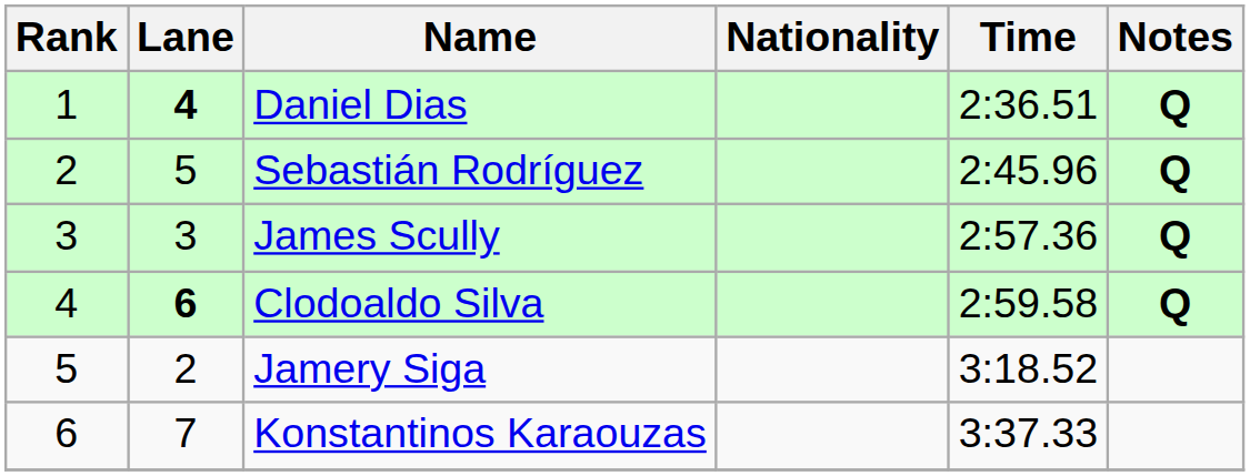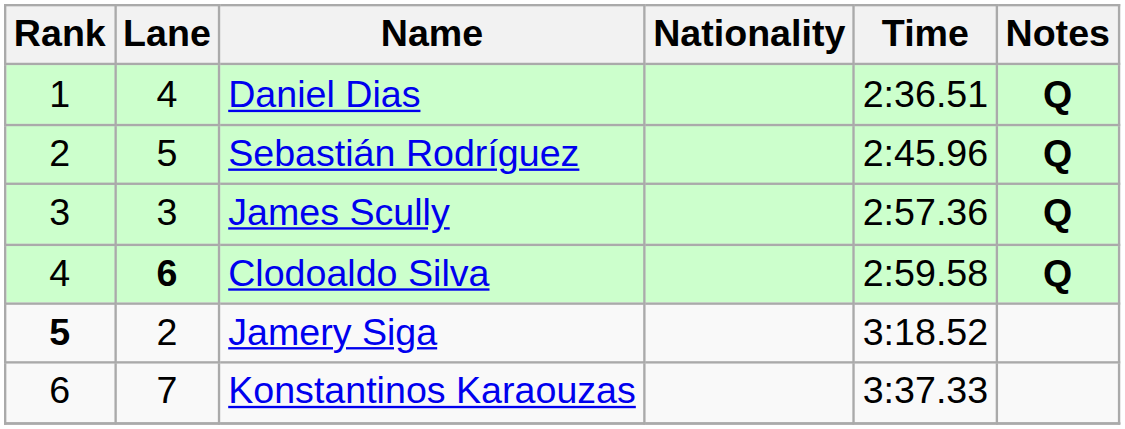 <table class="wikitable">
 <tr>
 <th>Rank</th>
 <th>Lane</th>
 <th>Name</th>
 <th>Nationality</th>
 <th>Time</th>
 <th>Notes</th>
 </tr>
 <tr bgcolor=ccffcc>
 <td align=center>1</td>
-<td align=center><strong>4</strong></td>
+<td align=center>4</td>
 <td><a href='#'>Daniel Dias</a></td>
 <td></td>
 <td align=center>2:36.51</td>
 <td align=center><strong>Q</strong></td>
 </tr>
 <tr bgcolor=ccffcc>
 <td align=center>2</td>
 <td align=center>5</td>
 <td><a href='#'>Sebastián Rodríguez</a></td>
 <td></td>
 <td align=center>2:45.96</td>
 <td align=center><strong>Q</strong></td>
 </tr>
 <tr bgcolor=ccffcc>
 <td align=center>3</td>
 <td align=center>3</td>
 <td><a href='#'>James Scully</a></td>
 <td></td>
 <td align=center>2:57.36</td>
 <td align=center><strong>Q</strong></td>
 </tr>
 <tr bgcolor=ccffcc>
 <td align=center>4</td>
 <td align=center><strong>6</strong></td>
 <td><a href='#'>Clodoaldo Silva</a></td>
 <td></td>
 <td align=center>2:59.58</td>
 <td align=center><strong>Q</strong></td>
 </tr>
 <tr>
-<td align=center>5</td>
+<td align=center><strong>5</strong></td>
 <td align=center>2</td>
 <td><a href='#'>Jamery Siga</a></td>
 <td></td>
 <td align=center>3:18.52</td>
 <td align=center></td>
 </tr>
 <tr>
 <td align=center>6</td>
 <td align=center>7</td>
 <td><a href='#'>Konstantinos Karaouzas</a></td>
 <td></td>
 <td align=center>3:37.33</td>
 <td align=center></td>
 </tr>
 <tr>
 </tr>
 </table>
